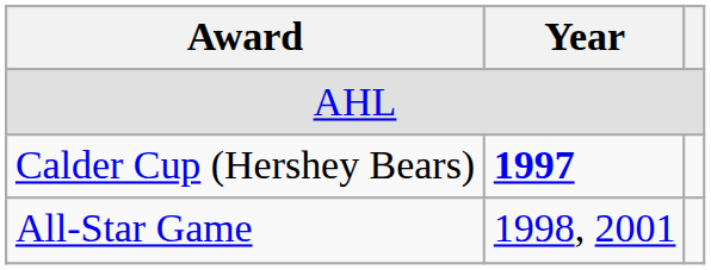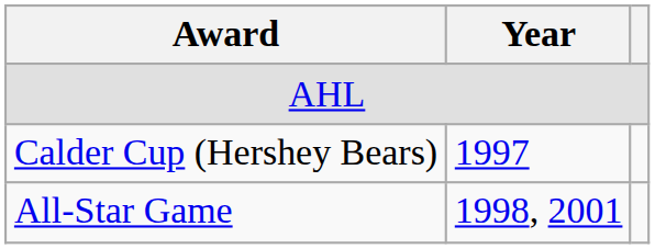 <table class="wikitable">
 <tr>
 <th>Award</th>
 <th>Year</th>
 <th></th>
 </tr>
 <tr ALIGN="center" bgcolor="#e0e0e0">
 <td colspan="3"><a href='#'>AHL</a></td>
 </tr>
 <tr>
 <td><a href='#'>Calder Cup</a> (Hershey Bears)</td>
-<td><strong><a href='#'>1997</a></strong></td>
+<td><a href='#'>1997</a></td>
 <td></td>
 </tr>
 <tr>
 <td><a href='#'>All-Star Game</a></td>
 <td><a href='#'>1998</a>, <a href='#'>2001</a></td>
 <td></td>
 </tr>
 </table>
